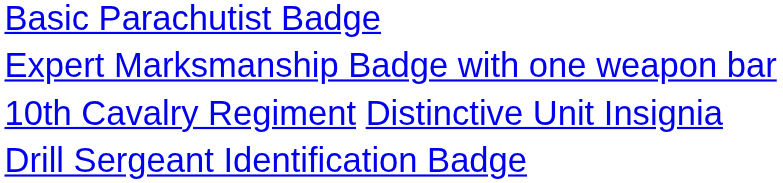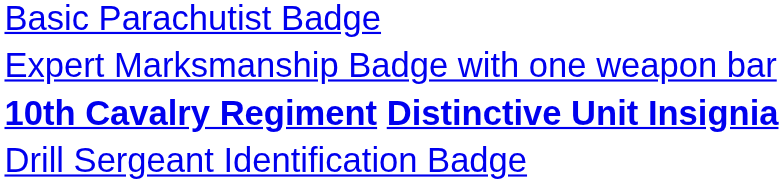 <table>
 <tr>
 <td> <a href='#'>Basic Parachutist Badge</a></td>
 </tr>
 <tr>
 <td> <a href='#'>Expert Marksmanship Badge with one weapon bar</a></td>
 </tr>
 <tr>
-<td> <a href='#'>10th Cavalry Regiment</a> <a href='#'>Distinctive Unit Insignia</a></td>
+<td><strong> <a href='#'>10th Cavalry Regiment</a> <a href='#'>Distinctive Unit Insignia</a></strong></td>
 </tr>
 <tr>
 <td> <a href='#'>Drill Sergeant Identification Badge</a></td>
 </tr>
 </table>
